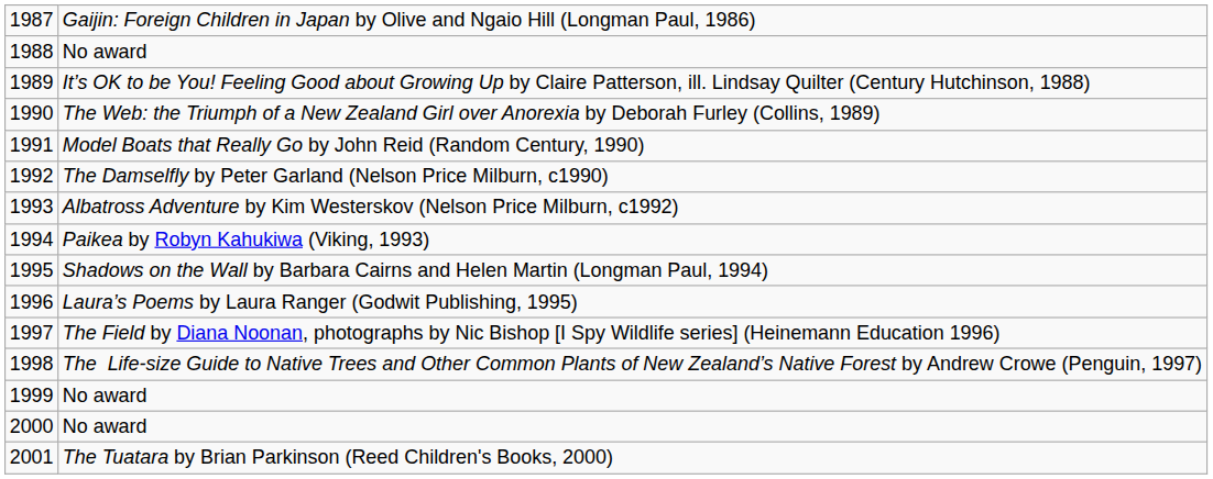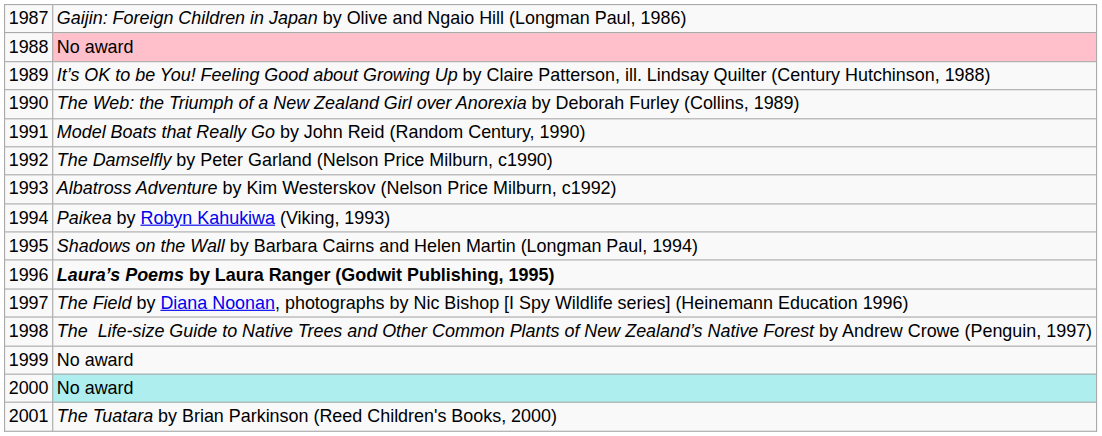 <table class="wikitable">
 <tr>
 <td>1987</td>
 <td><em>Gaijin: Foreign Children in Japan</em> by Olive and Ngaio Hill (Longman Paul, 1986)</td>
 </tr>
 <tr>
 <td>1988</td>
-<td>No award</td>
+<td style="background: pink;">No award</td>
 </tr>
 <tr>
 <td>1989</td>
 <td><em>It’s OK to be You! Feeling Good about Growing Up</em> by Claire Patterson, ill. Lindsay Quilter (Century Hutchinson, 1988)</td>
 </tr>
 <tr>
 <td>1990</td>
 <td><em>The Web: the Triumph of a New Zealand Girl over Anorexia</em> by Deborah Furley (Collins, 1989)</td>
 </tr>
 <tr>
 <td>1991</td>
 <td><em>Model Boats that Really Go</em> by John Reid (Random Century, 1990)</td>
 </tr>
 <tr>
 <td>1992</td>
 <td><em>The Damselfly</em> by Peter Garland (Nelson Price Milburn, c1990)</td>
 </tr>
 <tr>
 <td>1993</td>
 <td><em>Albatross Adventure</em> by Kim Westerskov (Nelson Price Milburn, c1992)</td>
 </tr>
 <tr>
 <td>1994</td>
 <td><em>Paikea</em> by <a href='#'>Robyn Kahukiwa</a> (Viking, 1993)</td>
 </tr>
 <tr>
 <td>1995</td>
 <td><em>Shadows on the Wall</em> by Barbara Cairns and Helen Martin (Longman Paul, 1994)</td>
 </tr>
 <tr>
 <td>1996</td>
-<td><em>Laura’s Poems</em> by Laura Ranger (Godwit Publishing, 1995)</td>
+<td><strong><em>Laura’s Poems</em> by Laura Ranger (Godwit Publishing, 1995)</strong></td>
 </tr>
 <tr>
 <td>1997</td>
 <td><em>The Field</em> by <a href='#'>Diana Noonan</a>, photographs by Nic Bishop [I Spy Wildlife series] (Heinemann Education 1996)</td>
 </tr>
 <tr>
 <td>1998</td>
 <td><em>The  Life-size Guide to Native Trees and Other Common Plants of New Zealand’s Native Forest</em> by Andrew Crowe (Penguin, 1997)</td>
 </tr>
 <tr>
 <td>1999</td>
 <td>No award</td>
 </tr>
 <tr>
 <td>2000</td>
-<td>No award</td>
+<td style="background: paleturquoise;">No award</td>
 </tr>
 <tr>
 <td>2001</td>
 <td><em>The Tuatara</em> by Brian Parkinson (Reed Children's Books, 2000)</td>
 </tr>
 </table>
